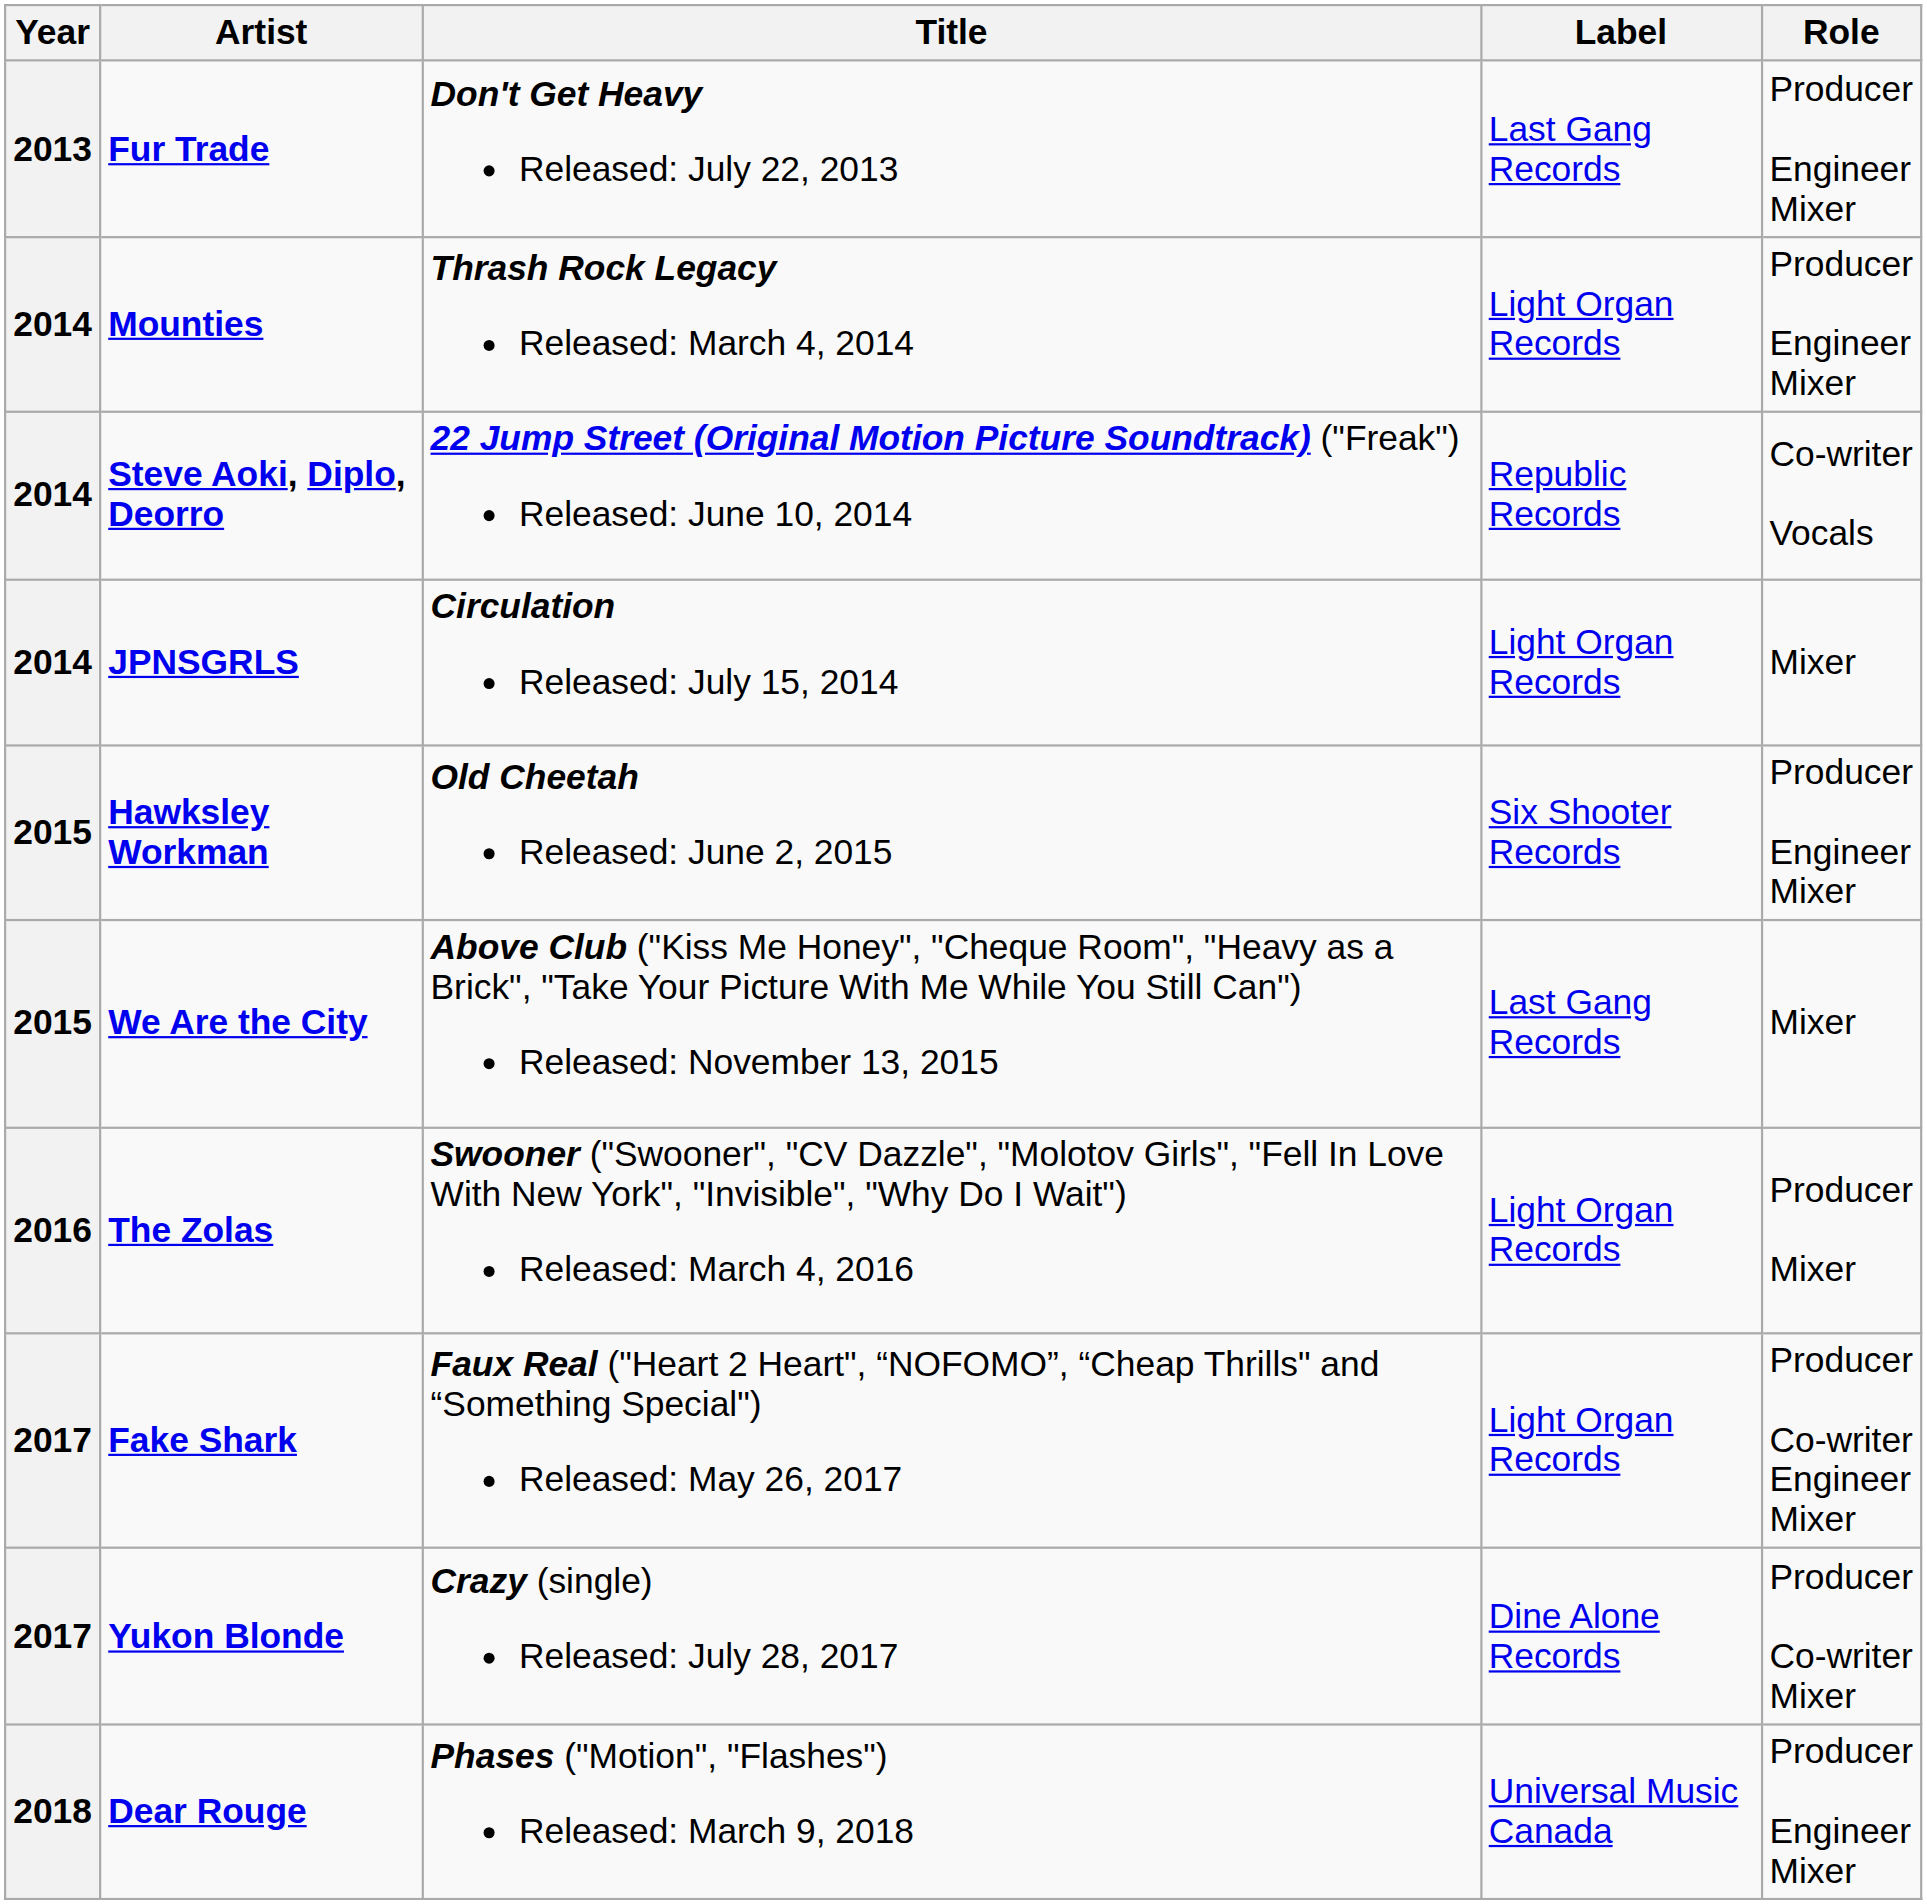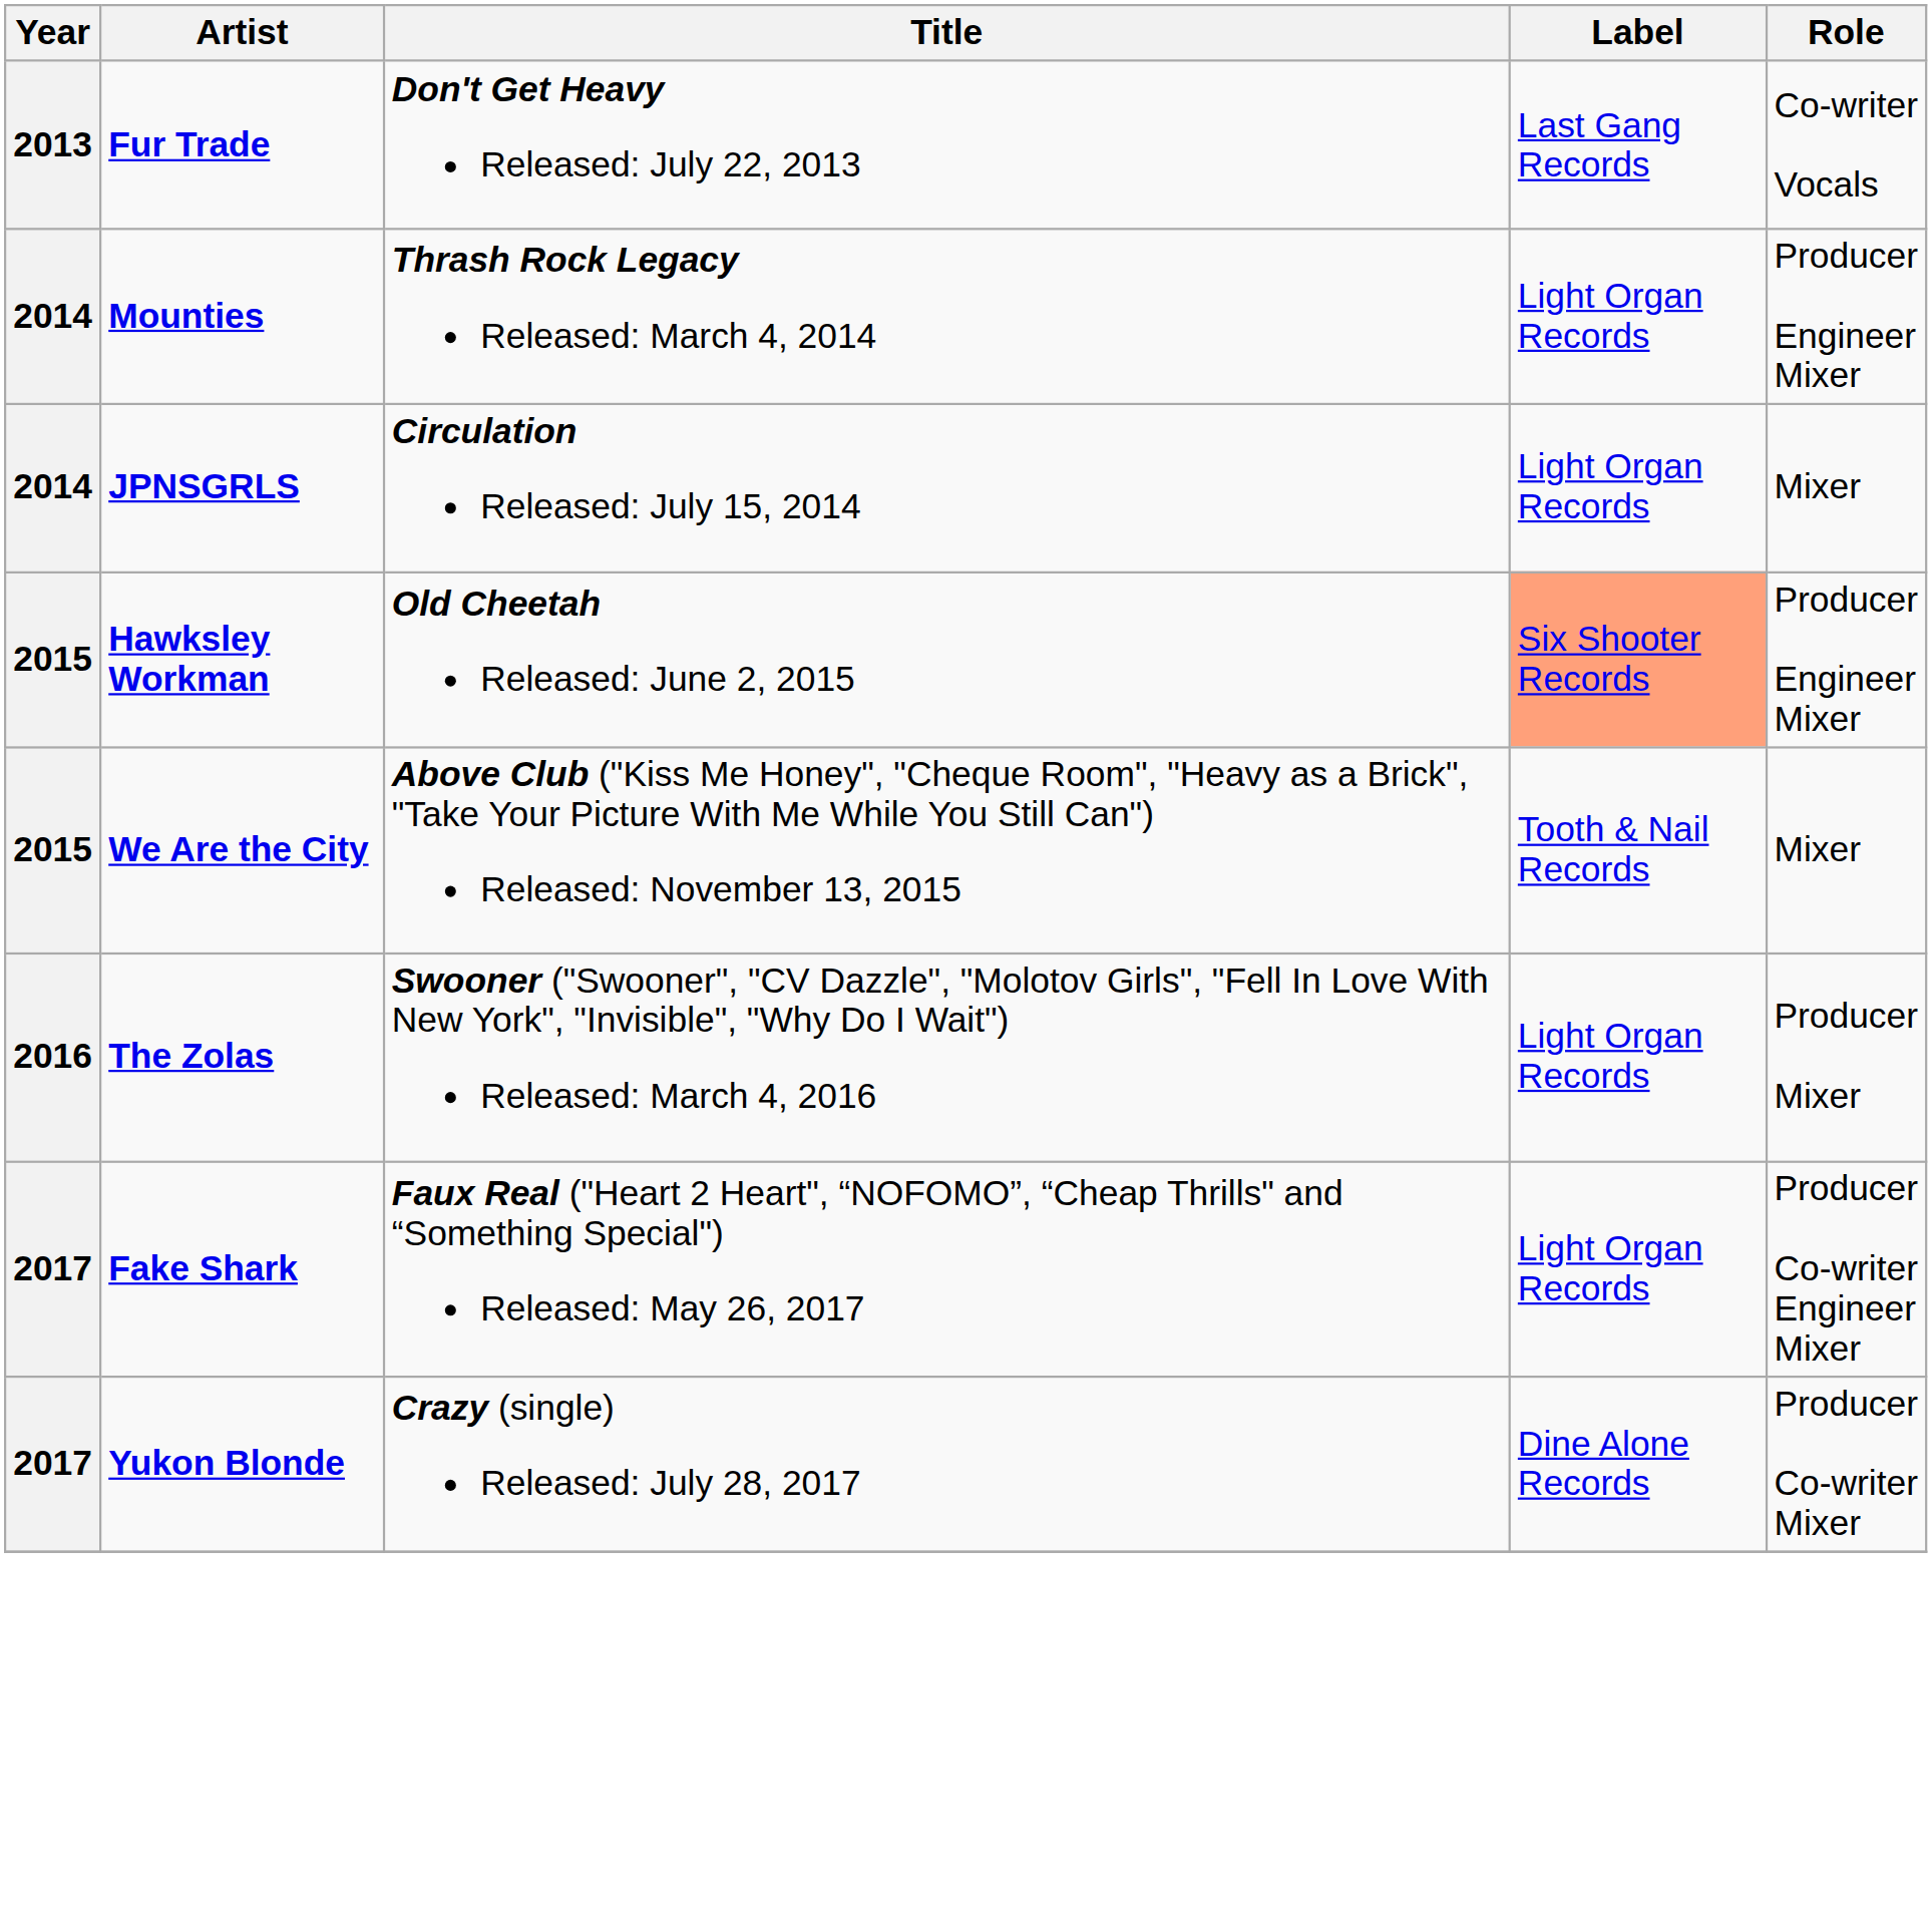 <table class="wikitable sortable">
 <tr>
 <th>Year</th>
 <th>Artist</th>
 <th class="unsortable">Title</th>
 <th class="unsortable">Label</th>
 <th class="unsortable”">Role</th>
 </tr>
 <tr>
 <th>2013</th>
 <td><strong><a href='#'>Fur Trade</a></strong></td>
 <td><strong><em>Don't Get Heavy</em></strong><br><ul><li>Released: July 22, 2013</li></ul></td>
 <td><a href='#'>Last Gang Records</a></td>
-<td>Producer<br><br>Engineer<br> Mixer<br></td>
+<td>Co-writer<br><br>Vocals<br></td>
 </tr>
 <tr>
 <th>2014</th>
 <td><strong><a href='#'>Mounties</a></strong></td>
 <td><strong><em>Thrash Rock Legacy</em></strong><br><ul><li>Released: March 4, 2014</li></ul></td>
 <td><a href='#'>Light Organ Records</a></td>
 <td>Producer<br><br>Engineer<br> Mixer<br></td>
-</tr>
-<tr>
-<th>2014</th>
-<td><strong><a href='#'>Steve Aoki</a>, <a href='#'>Diplo</a>, <a href='#'>Deorro</a></strong></td>
-<td><strong><em><a href='#'>22 Jump Street (Original Motion Picture Soundtrack)</a></em></strong> ("Freak")<br><ul><li>Released: June 10, 2014</li></ul></td>
-<td><a href='#'>Republic Records</a></td>
-<td>Co-writer<br><br>Vocals<br></td>
 </tr>
 <tr>
 <th>2014</th>
 <td><strong><a href='#'>JPNSGRLS</a></strong></td>
 <td><strong><em>Circulation</em></strong><br><ul><li>Released: July 15, 2014</li></ul></td>
 <td><a href='#'>Light Organ Records</a></td>
 <td>Mixer<br></td>
 </tr>
 <tr>
 <th>2015</th>
 <td><strong><a href='#'>Hawksley Workman</a></strong></td>
 <td><strong><em>Old Cheetah</em></strong><br><ul><li>Released: June 2, 2015</li></ul></td>
-<td><a href='#'>Six Shooter Records</a></td>
+<td style="background: lightsalmon;"><a href='#'>Six Shooter Records</a></td>
 <td>Producer<br><br>Engineer<br> Mixer<br></td>
 </tr>
 <tr>
 <th>2015</th>
 <td><strong><a href='#'>We Are the City</a></strong></td>
 <td><strong><em>Above Club</em></strong> ("Kiss Me Honey", "Cheque Room", "Heavy as a Brick", "Take Your Picture With Me While You Still Can")<br><ul><li>Released: November 13, 2015</li></ul></td>
-<td><a href='#'>Last Gang Records</a></td>
+<td><a href='#'>Tooth & Nail Records</a></td>
 <td>Mixer<br></td>
 </tr>
 <tr>
 <th>2016</th>
 <td><strong><a href='#'>The Zolas</a></strong></td>
 <td><strong><em>Swooner</em></strong> ("Swooner", "CV Dazzle", "Molotov Girls", "Fell In Love With New York", "Invisible", "Why Do I Wait")<br><ul><li>Released: March 4, 2016</li></ul></td>
 <td><a href='#'>Light Organ Records</a></td>
 <td>Producer<br><br>Mixer<br></td>
 </tr>
 <tr>
 <th>2017</th>
 <td><strong><a href='#'>Fake Shark</a></strong></td>
 <td><strong><em>Faux Real</em></strong> ("Heart 2 Heart", “NOFOMO”, “Cheap Thrills" and “Something Special")<br><ul><li>Released: May 26, 2017</li></ul></td>
 <td><a href='#'>Light Organ Records</a></td>
 <td>Producer<br><br>Co-writer<br> Engineer<br> Mixer<br></td>
 </tr>
 <tr>
 <th>2017</th>
 <td><strong><a href='#'>Yukon Blonde</a></strong></td>
 <td><strong><em>Crazy</em></strong> (single)<br><ul><li>Released: July 28, 2017</li></ul></td>
 <td><a href='#'>Dine Alone Records</a></td>
 <td>Producer<br><br>Co-writer<br> Mixer<br></td>
 </tr>
 <tr>
-<th>2018</th>
-<td><strong><a href='#'>Dear Rouge</a></strong></td>
-<td><strong><em>Phases</em></strong> ("Motion", "Flashes")<br><ul><li>Released: March 9, 2018</li></ul></td>
-<td><a href='#'>Universal Music Canada</a></td>
-<td>Producer<br><br>Engineer<br> Mixer<br></td>
-</tr>
-<tr>
 </tr>
 </table>
